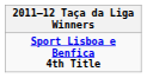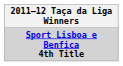 <table class="wikitable" style="text-align: center; margin: 0 auto; width: 20%">
 <tr>
 <th>2011–12 Taça da Liga Winners</th>
 </tr>
 <tr>
-<td><strong><a href='#'>Sport Lisboa e Benfica</a></strong><br><strong>4th Title</strong></td>
+<td style="background: lightgrey;"><strong><a href='#'>Sport Lisboa e Benfica</a></strong><br><strong>4th Title</strong></td>
 </tr>
 </table>
